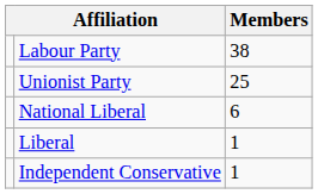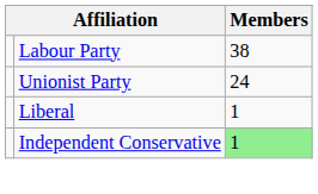 <table class="wikitable">
 <tr>
 <th colspan="2">Affiliation</th>
 <th>Members</th>
 </tr>
 <tr>
 <td style="color:inherit;background:"></td>
 <td><a href='#'>Labour Party</a></td>
 <td>38</td>
 </tr>
 <tr>
 <td style="color:inherit;background-color: "></td>
 <td><a href='#'>Unionist Party</a></td>
-<td>25</td>
-</tr>
-<tr>
-<td style="color:inherit;background-color: "></td>
-<td><a href='#'>National Liberal</a></td>
-<td>6</td>
+<td>24</td>
 </tr>
 <tr>
 <td style="background-color: "></td>
 <td><a href='#'>Liberal</a></td>
 <td>1</td>
 </tr>
 <tr>
 <td style="color:inherit;background-color: "></td>
 <td><a href='#'>Independent Conservative</a></td>
-<td>1</td>
+<td style="background: lightgreen;">1</td>
 </tr>
 </table>
